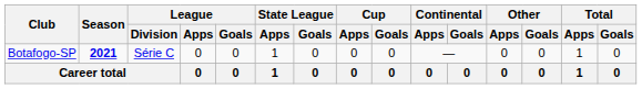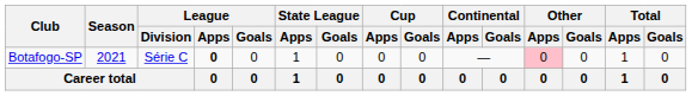 <table class="wikitable" style="text-align: center; font-size:96%">
 <tr>
 <th rowspan="2">Club</th>
 <th rowspan="2">Season</th>
 <th colspan="3">League</th>
 <th colspan="2">State League</th>
 <th colspan="2">Cup</th>
 <th colspan="2">Continental</th>
 <th colspan="2">Other</th>
 <th colspan="2">Total</th>
 </tr>
 <tr>
 <th>Division</th>
 <th>Apps</th>
 <th>Goals</th>
 <th>Apps</th>
 <th>Goals</th>
 <th>Apps</th>
 <th>Goals</th>
 <th>Apps</th>
 <th>Goals</th>
 <th>Apps</th>
 <th>Goals</th>
 <th>Apps</th>
 <th>Goals</th>
 </tr>
 <tr>
 <td><a href='#'>Botafogo-SP</a></td>
-<td><strong><a href='#'>2021</a></strong></td>
+<td><a href='#'>2021</a></td>
 <td><a href='#'>Série C</a></td>
-<td>0</td>
+<td><strong>0</strong></td>
 <td>0</td>
 <td>1</td>
 <td>0</td>
 <td>0</td>
 <td>0</td>
 <td colspan="2">—</td>
-<td>0</td>
+<td style="background: pink;">0</td>
 <td>0</td>
 <td>1</td>
 <td>0</td>
 </tr>
 <tr>
 <th colspan="3"><strong>Career total</strong></th>
 <th>0</th>
 <th>0</th>
 <th>1</th>
 <th>0</th>
 <th>0</th>
 <th>0</th>
 <th>0</th>
 <th>0</th>
 <th>0</th>
 <th>0</th>
 <th>1</th>
 <th>0</th>
 </tr>
 </table>
